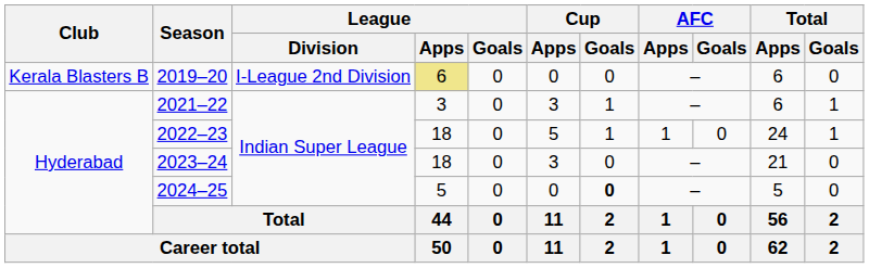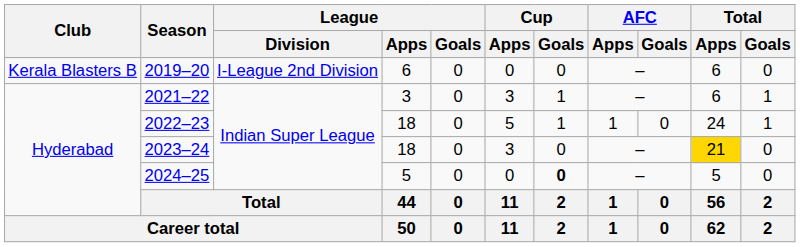 <table class="wikitable" style="text-align:center">
 <tr>
 <th rowspan="2">Club</th>
 <th rowspan="2">Season</th>
 <th colspan="3">League</th>
 <th colspan="2">Cup</th>
 <th colspan="2"><a href='#'>AFC</a></th>
 <th colspan="2">Total</th>
 </tr>
 <tr>
 <th>Division</th>
 <th>Apps</th>
 <th>Goals</th>
 <th>Apps</th>
 <th>Goals</th>
 <th>Apps</th>
 <th>Goals</th>
 <th>Apps</th>
 <th>Goals</th>
 </tr>
 <tr>
 <td rowspan="1"><a href='#'>Kerala Blasters B</a></td>
 <td><a href='#'>2019–20</a></td>
 <td rowspan="1"><a href='#'>I-League 2nd Division</a></td>
-<td style="background: khaki;">6</td>
+<td>6</td>
 <td>0</td>
 <td>0</td>
 <td>0</td>
 <td colspan="2">–</td>
 <td>6</td>
 <td>0</td>
 </tr>
 <tr>
 <td rowspan="5"><a href='#'>Hyderabad</a></td>
 <td><a href='#'>2021–22</a></td>
 <td rowspan="4"><a href='#'>Indian Super League</a></td>
 <td>3</td>
 <td>0</td>
 <td>3</td>
 <td>1</td>
 <td colspan="2">–</td>
 <td>6</td>
 <td>1</td>
 </tr>
 <tr>
 <td><a href='#'>2022–23</a></td>
 <td>18</td>
 <td>0</td>
 <td>5</td>
 <td>1</td>
 <td>1</td>
 <td>0</td>
 <td>24</td>
 <td>1</td>
 </tr>
 <tr>
 <td><a href='#'>2023–24</a></td>
 <td>18</td>
 <td>0</td>
 <td>3</td>
 <td>0</td>
 <td colspan="2">–</td>
-<td>21</td>
+<td style="background: gold;">21</td>
 <td>0</td>
 </tr>
 <tr>
 <td><a href='#'>2024–25</a></td>
 <td>5</td>
 <td>0</td>
 <td>0</td>
 <td><strong>0</strong></td>
 <td colspan="2">–</td>
 <td>5</td>
 <td>0</td>
 </tr>
 <tr>
 <th colspan="2">Total</th>
 <th>44</th>
 <th>0</th>
 <th>11</th>
 <th>2</th>
 <th>1</th>
 <th>0</th>
 <th>56</th>
 <th>2</th>
 </tr>
 <tr>
 <th colspan="3">Career total</th>
 <th>50</th>
 <th>0</th>
 <th>11</th>
 <th>2</th>
 <th>1</th>
 <th>0</th>
 <th>62</th>
 <th>2</th>
 </tr>
 </table>
